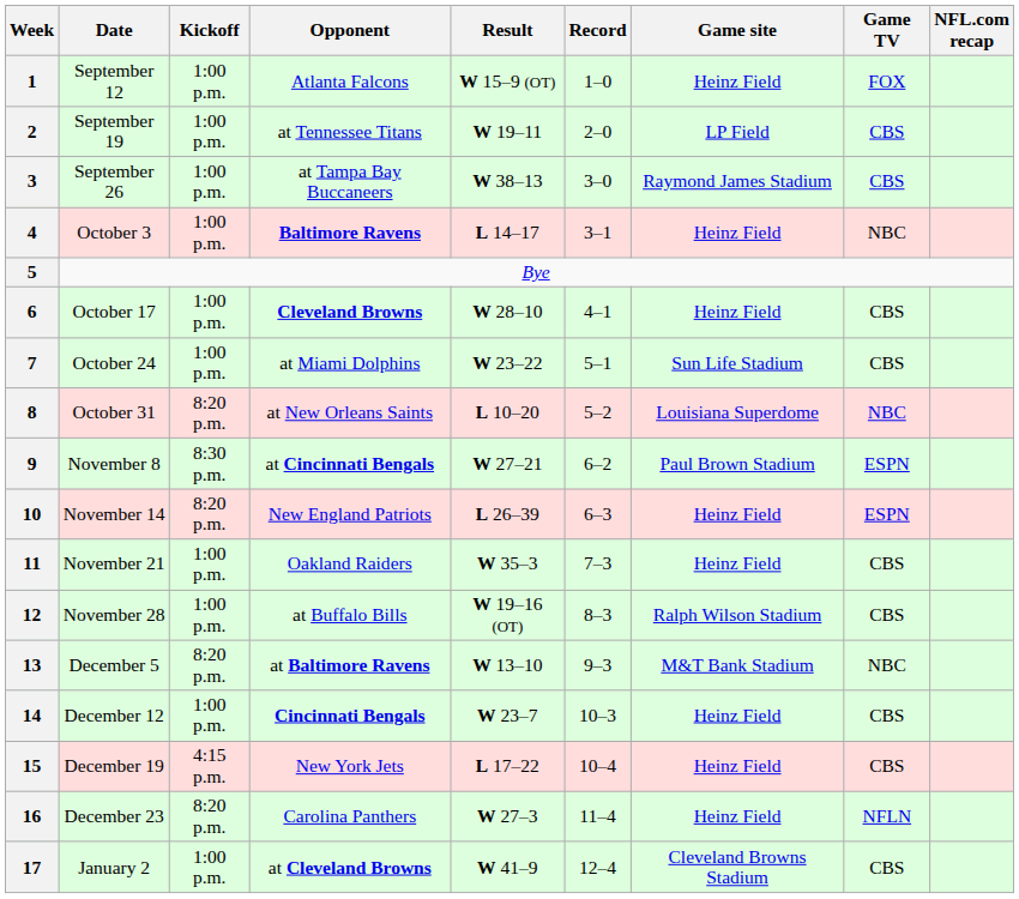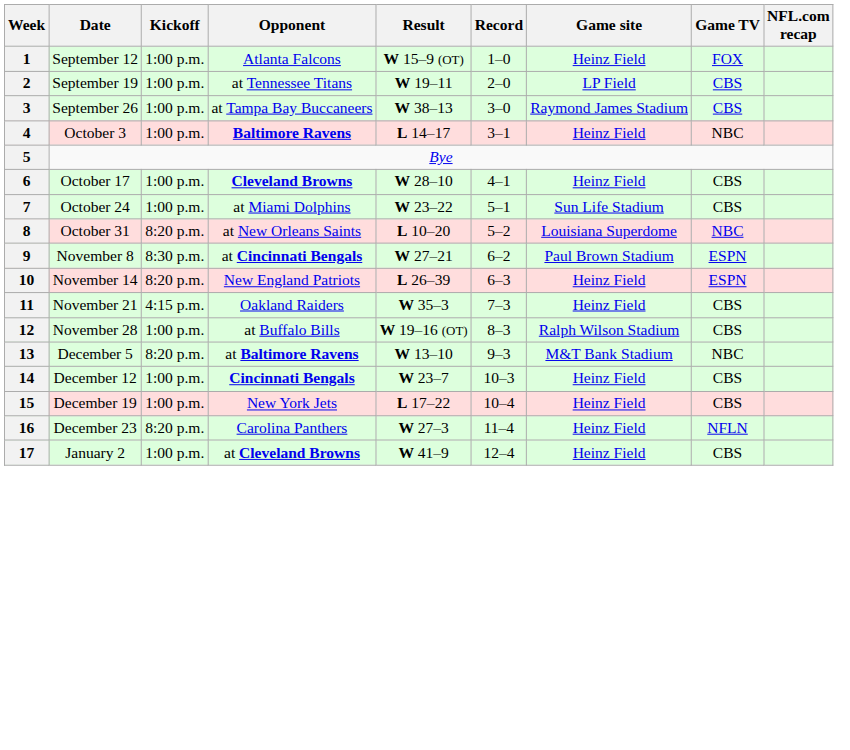 <table class="wikitable" style="text-align:center">
 <tr>
 <th>Week</th>
 <th>Date</th>
 <th>Kickoff</th>
 <th>Opponent</th>
 <th>Result</th>
 <th>Record</th>
 <th>Game site</th>
 <th>Game TV</th>
 <th>NFL.com<br>recap</th>
 </tr>
 <tr style="background:#dfd;">
 <th>1</th>
 <td>September 12</td>
 <td>1:00 p.m.</td>
 <td><a href='#'>Atlanta Falcons</a></td>
 <td><strong>W</strong> 15–9 <small>(OT)</small></td>
 <td style="text-align:center;">1–0</td>
 <td><a href='#'>Heinz Field</a></td>
 <td><a href='#'>FOX</a></td>
 <td></td>
 </tr>
 <tr style="background:#dfd;">
 <th>2</th>
 <td>September 19</td>
 <td>1:00 p.m.</td>
 <td>at <a href='#'>Tennessee Titans</a></td>
 <td><strong>W</strong> 19–11</td>
 <td>2–0</td>
 <td><a href='#'>LP Field</a></td>
 <td><a href='#'>CBS</a></td>
 <td></td>
 </tr>
 <tr style="background:#dfd;">
 <th>3</th>
 <td>September 26</td>
 <td>1:00 p.m.</td>
 <td>at <a href='#'>Tampa Bay Buccaneers</a></td>
 <td><strong>W</strong> 38–13</td>
 <td>3–0</td>
 <td><a href='#'>Raymond James Stadium</a></td>
 <td><a href='#'>CBS</a></td>
 <td></td>
 </tr>
 <tr style="background:#fdd;">
 <th>4</th>
 <td>October 3</td>
 <td>1:00 p.m.</td>
 <td><strong><a href='#'>Baltimore Ravens</a></strong></td>
 <td><strong>L</strong> 14–17</td>
 <td>3–1</td>
 <td><a href='#'>Heinz Field</a></td>
 <td>NBC</td>
 <td></td>
 </tr>
 <tr>
 <th>5</th>
 <td colspan="8" style="text-align:center;"><em><a href='#'>Bye</a></em></td>
 </tr>
 <tr style="background:#dfd;">
 <th>6</th>
 <td>October 17</td>
 <td>1:00 p.m.</td>
 <td><strong><a href='#'>Cleveland Browns</a></strong></td>
 <td><strong>W</strong> 28–10</td>
 <td>4–1</td>
 <td><a href='#'>Heinz Field</a></td>
 <td>CBS</td>
 <td></td>
 </tr>
 <tr style="background:#dfd;">
 <th>7</th>
 <td>October 24</td>
 <td>1:00 p.m.</td>
 <td>at <a href='#'>Miami Dolphins</a></td>
 <td><strong>W</strong> 23–22</td>
 <td>5–1</td>
 <td><a href='#'>Sun Life Stadium</a></td>
 <td>CBS</td>
 <td></td>
 </tr>
 <tr style="background:#fdd;">
 <th>8</th>
 <td>October 31</td>
 <td>8:20 p.m.</td>
 <td>at <a href='#'>New Orleans Saints</a></td>
 <td><strong>L</strong> 10–20</td>
 <td>5–2</td>
 <td><a href='#'>Louisiana Superdome</a></td>
 <td><a href='#'>NBC</a></td>
 <td></td>
 </tr>
 <tr style="background:#dfd;">
 <th>9</th>
 <td>November 8</td>
 <td>8:30 p.m.</td>
 <td>at <strong><a href='#'>Cincinnati Bengals</a></strong></td>
 <td><strong>W</strong> 27–21</td>
 <td>6–2</td>
 <td><a href='#'>Paul Brown Stadium</a></td>
 <td><a href='#'>ESPN</a></td>
 <td></td>
 </tr>
 <tr style="background:#fdd;">
 <th>10</th>
 <td>November 14</td>
 <td>8:20 p.m.</td>
 <td><a href='#'>New England Patriots</a></td>
 <td><strong>L</strong> 26–39</td>
 <td>6–3</td>
 <td><a href='#'>Heinz Field</a></td>
 <td><a href='#'>ESPN</a></td>
 <td></td>
 </tr>
 <tr style="background:#dfd;">
 <th>11</th>
 <td>November 21</td>
-<td>1:00 p.m.</td>
+<td>4:15 p.m.</td>
 <td><a href='#'>Oakland Raiders</a></td>
 <td><strong>W</strong> 35–3</td>
 <td>7–3</td>
 <td><a href='#'>Heinz Field</a></td>
 <td>CBS</td>
 <td></td>
 </tr>
 <tr style="background:#dfd;">
 <th>12</th>
 <td>November 28</td>
 <td>1:00 p.m.</td>
 <td>at <a href='#'>Buffalo Bills</a></td>
 <td><strong>W</strong> 19–16 <small>(OT)</small></td>
 <td>8–3</td>
 <td><a href='#'>Ralph Wilson Stadium</a></td>
 <td>CBS</td>
 <td></td>
 </tr>
 <tr style="background:#dfd;">
 <th>13</th>
 <td>December 5</td>
 <td>8:20 p.m.</td>
 <td>at <strong><a href='#'>Baltimore Ravens</a></strong></td>
 <td><strong>W</strong> 13–10</td>
 <td>9–3</td>
 <td><a href='#'>M&T Bank Stadium</a></td>
 <td>NBC</td>
 <td></td>
 </tr>
 <tr style="background:#dfd;">
 <th>14</th>
 <td>December 12</td>
 <td>1:00 p.m.</td>
 <td><strong><a href='#'>Cincinnati Bengals</a></strong></td>
 <td><strong>W</strong> 23–7</td>
 <td>10–3</td>
 <td><a href='#'>Heinz Field</a></td>
 <td>CBS</td>
 <td></td>
 </tr>
 <tr style="background:#fdd;">
 <th>15</th>
 <td>December 19</td>
-<td>4:15 p.m.</td>
+<td>1:00 p.m.</td>
 <td><a href='#'>New York Jets</a></td>
 <td><strong>L</strong> 17–22</td>
 <td>10–4</td>
 <td><a href='#'>Heinz Field</a></td>
 <td>CBS</td>
 <td></td>
 </tr>
 <tr style="background:#dfd;">
 <th>16</th>
 <td>December 23</td>
 <td>8:20 p.m.</td>
 <td><a href='#'>Carolina Panthers</a></td>
 <td><strong>W</strong> 27–3</td>
 <td>11–4</td>
 <td><a href='#'>Heinz Field</a></td>
 <td><a href='#'>NFLN</a></td>
 <td></td>
 </tr>
 <tr style="background:#dfd;">
 <th>17</th>
 <td>January 2</td>
 <td>1:00 p.m.</td>
 <td>at <strong><a href='#'>Cleveland Browns</a></strong></td>
 <td><strong>W</strong> 41–9</td>
 <td>12–4</td>
-<td><a href='#'>Cleveland Browns Stadium</a></td>
+<td><a href='#'>Heinz Field</a></td>
 <td>CBS</td>
 <td></td>
 </tr>
 </table>
